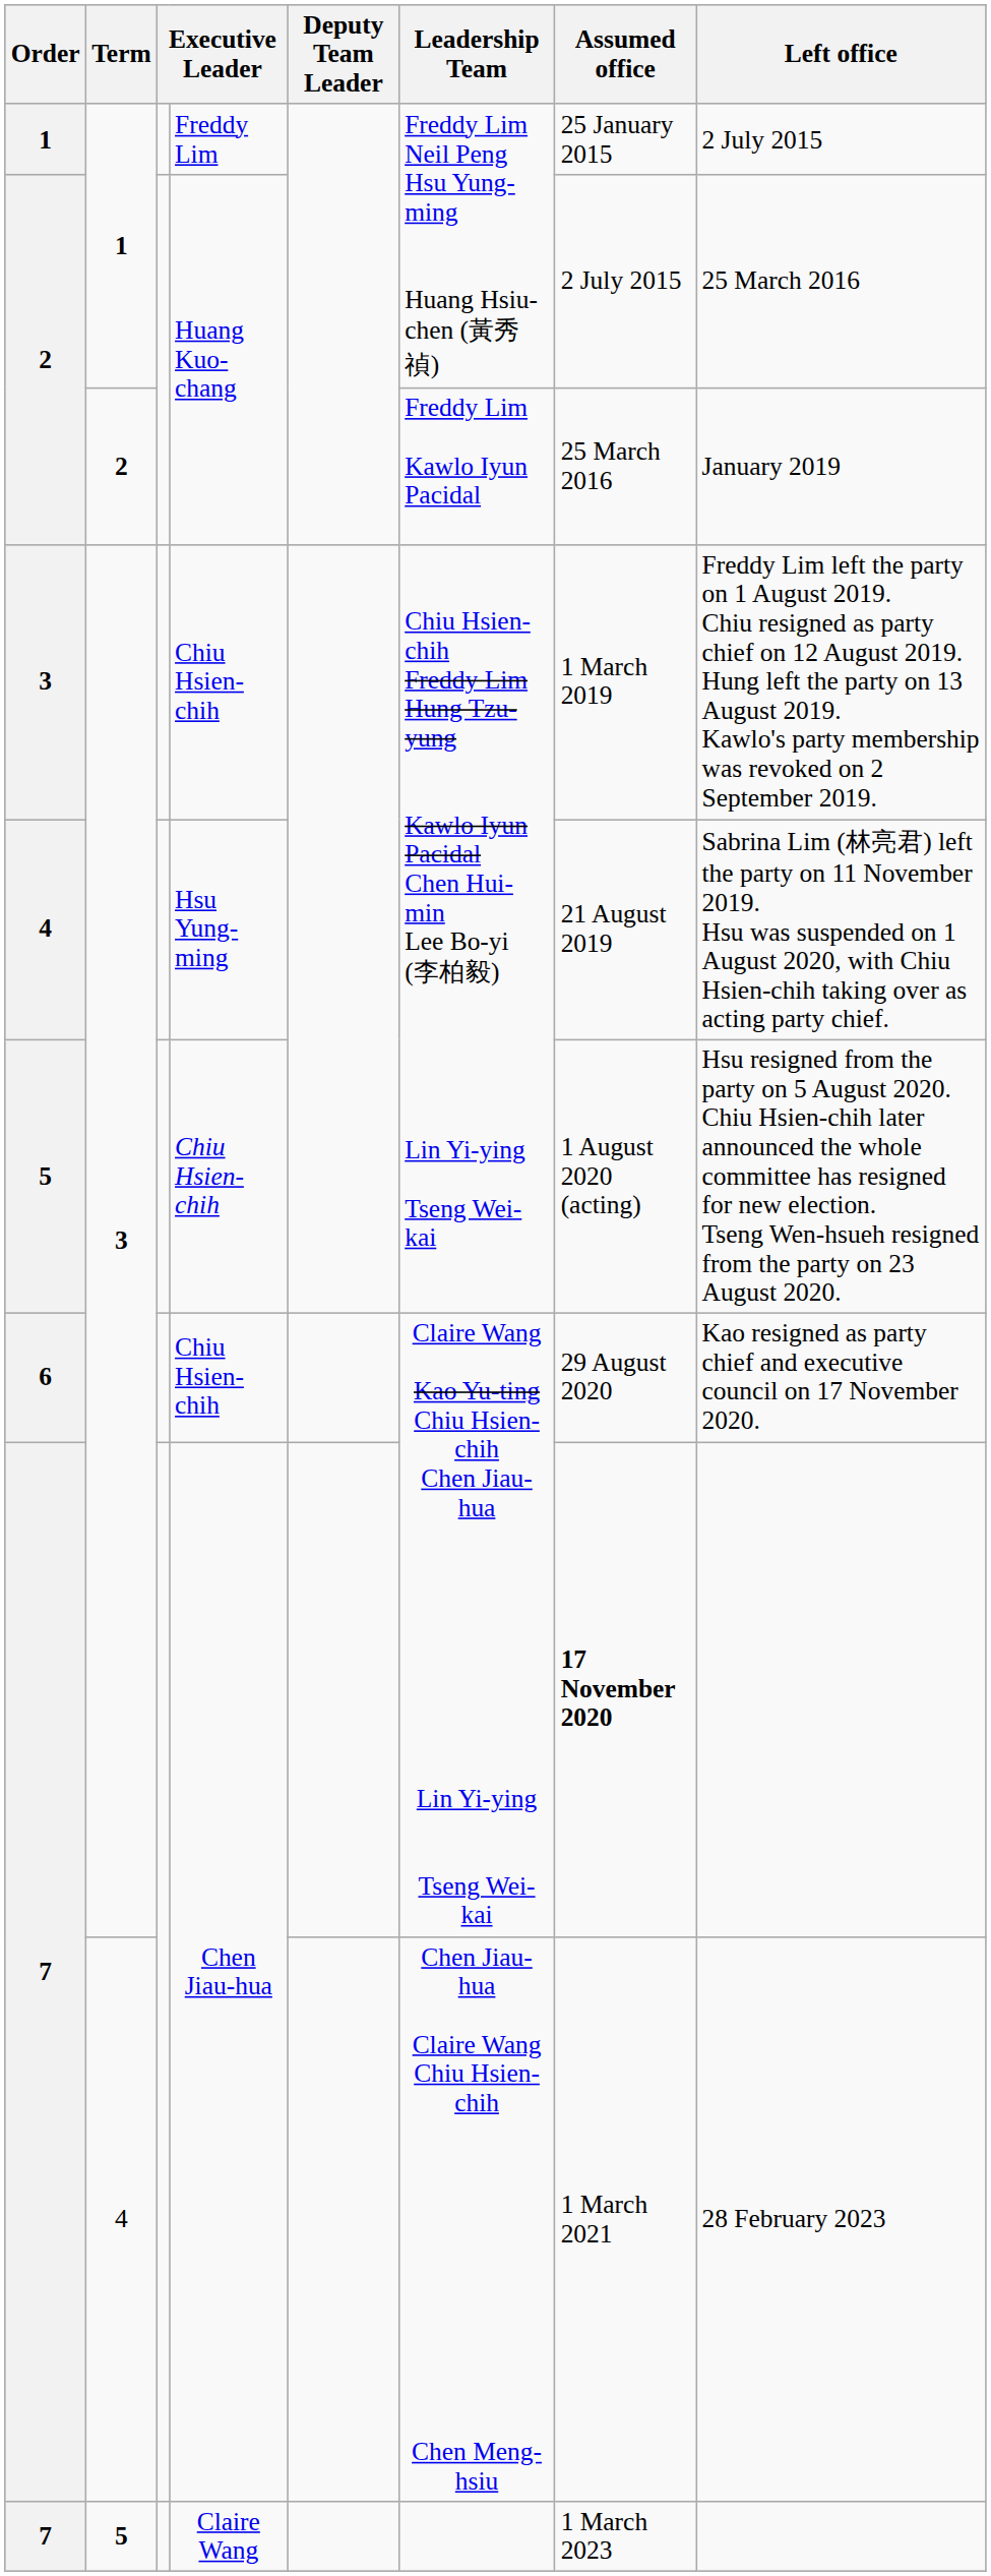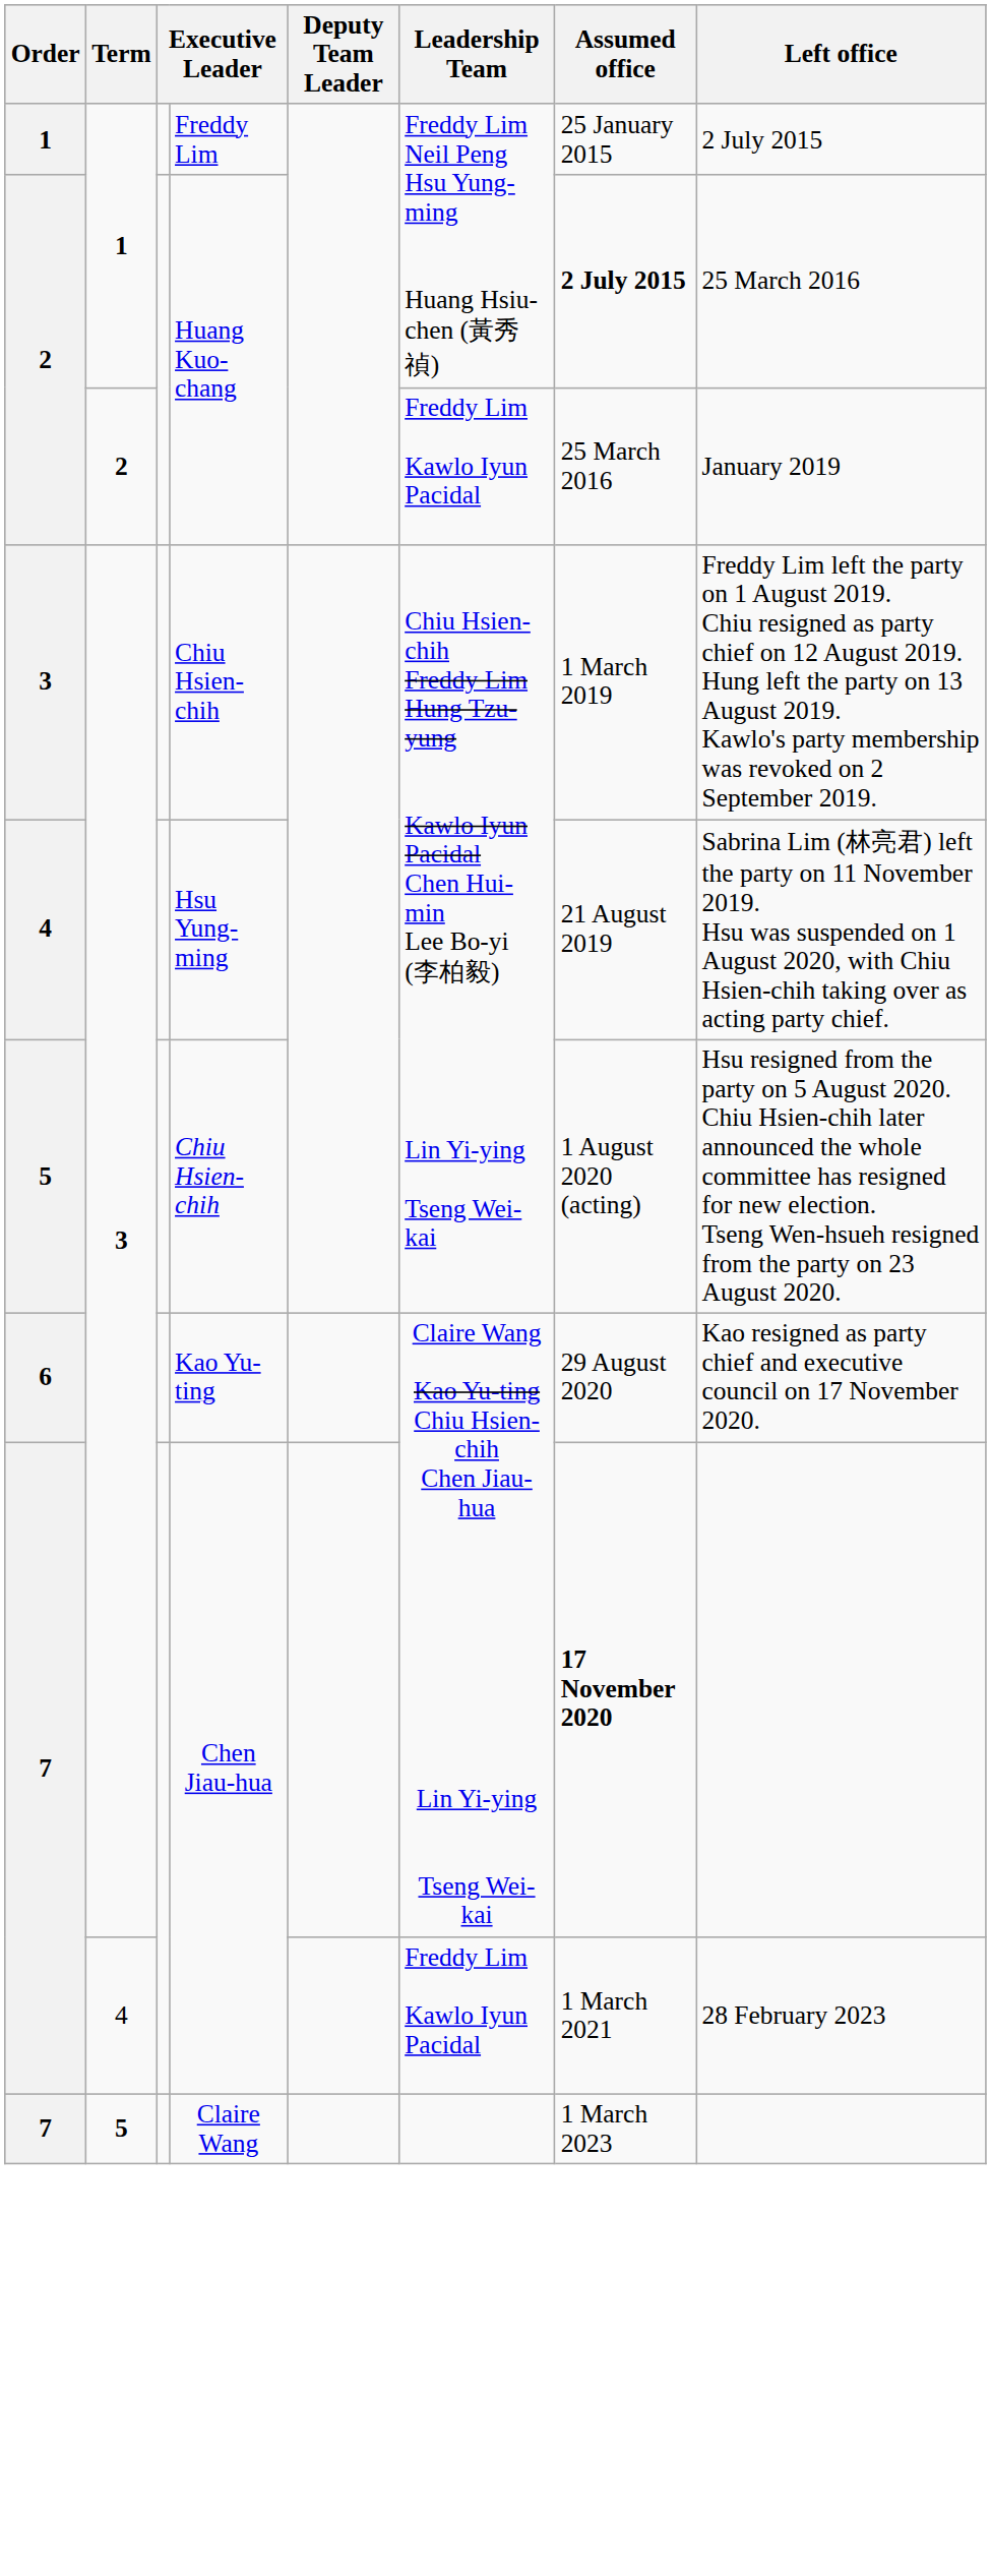 <table class=wikitable>
 <tr>
 <th>Order</th>
 <th>Term</th>
 <th colspan=2>Executive Leader</th>
 <th>Deputy Team Leader</th>
 <th>Leadership Team</th>
 <th>Assumed office</th>
 <th>Left office</th>
 </tr>
 <tr>
 <th>1</th>
 <td align="center" rowspan="2"><strong>1</strong></td>
 <td></td>
 <td><a href='#'>Freddy Lim</a></td>
 <td rowspan="3"></td>
 <td rowspan="2"><a href='#'>Freddy Lim</a><br><a href='#'>Neil Peng</a><br><a href='#'>Hsu Yung-ming</a><br><br><br>Huang Hsiu-chen (黃秀禎)</td>
 <td>25 January 2015</td>
 <td>2 July 2015</td>
 </tr>
 <tr>
 <th rowspan="2">2</th>
 <td rowspan="2"></td>
 <td rowspan="2"><a href='#'>Huang Kuo-chang</a></td>
-<td>2 July 2015</td>
+<td><strong>2 July 2015</strong></td>
 <td>25 March 2016</td>
 </tr>
 <tr>
 <td align="center"><strong>2</strong></td>
 <td><a href='#'>Freddy Lim</a><br><br><a href='#'>Kawlo Iyun Pacidal</a><br><br></td>
 <td>25 March 2016</td>
 <td>January 2019</td>
 </tr>
 <tr>
 <th>3</th>
 <td rowspan="5" align="center"><strong>3</strong></td>
 <td></td>
 <td><a href='#'>Chiu Hsien-chih</a></td>
 <td rowspan="3"></td>
 <td rowspan="3"><a href='#'>Chiu Hsien-chih</a><br><s><a href='#'>Freddy Lim</a></s><br><s><a href='#'>Hung Tzu-yung</a></s><br><br><br><s><a href='#'>Kawlo Iyun Pacidal</a></s><br><a href='#'>Chen Hui-min</a><br>Lee Bo-yi (李柏毅)<br><br> <br><br><br><br><a href='#'>Lin Yi-ying</a><br>  <s></s><br> <a href='#'>Tseng Wei-kai</a></td>
 <td>1 March 2019</td>
 <td>Freddy Lim left the party on 1 August 2019.<br>Chiu resigned as party chief on 12 August 2019.<br>Hung left the party on 13 August 2019.<br>Kawlo's party membership was revoked on 2 September 2019.</td>
 </tr>
 <tr>
 <th>4</th>
 <td></td>
 <td><a href='#'>Hsu Yung-ming</a></td>
 <td>21 August 2019</td>
 <td>Sabrina Lim (林亮君) left the party on 11 November 2019.<br>Hsu was suspended on 1 August 2020, with Chiu Hsien-chih taking over as acting party chief.</td>
 </tr>
 <tr>
 <th>5</th>
 <td></td>
 <td><em><a href='#'>Chiu Hsien-chih</a></em></td>
 <td>1 August 2020 (acting) </td>
 <td>Hsu resigned from the party  on 5 August 2020. Chiu Hsien-chih later announced the whole committee has resigned for new election.<br>Tseng Wen-hsueh resigned from the party  on 23 August 2020.</td>
 </tr>
 <tr>
 <th>6</th>
 <td></td>
-<td><a href='#'>Chiu Hsien-chih</a></td>
+<td><a href='#'>Kao Yu-ting</a></td>
 <td></td>
 <td align="center" rowspan="2"><a href='#'>Claire Wang</a><br><br><s><a href='#'>Kao Yu-ting</a></s><br> <a href='#'>Chiu Hsien-chih</a><br> <a href='#'>Chen Jiau-hua</a><br> <br> <br> <br> <br> <br> <br> <br> <br> <br> <a href='#'>Lin Yi-ying</a><br> <br> <s></s><br> <a href='#'>Tseng Wei-kai</a></td>
 <td>29 August 2020</td>
 <td>Kao resigned as party chief and executive council on 17 November 2020.</td>
 </tr>
 <tr>
 <th align="center" rowspan="2">7</th>
 <td align="center" rowspan="2"></td>
 <td align="center" rowspan="2"><a href='#'>Chen Jiau-hua</a></td>
 <td></td>
 <td><strong>17 November 2020</strong></td>
 <td></td>
 </tr>
 <tr>
 <td align="center">4</td>
 <td></td>
-<td align="center"><a href='#'>Chen Jiau-hua</a><br><br><a href='#'>Claire Wang</a><br> <a href='#'>Chiu Hsien-chih</a><br> <br> <br> <br> <br> <br> <br> <br> <br> <br> <br> <br> <a href='#'>Chen Meng-hsiu</a></td>
+<td><a href='#'>Freddy Lim</a><br><br><a href='#'>Kawlo Iyun Pacidal</a><br><br></td>
 <td>1 March 2021</td>
 <td>28 February 2023</td>
 </tr>
 <tr>
 <th align="center" rowspan="2">7</th>
 <td align="center" rowspan="2"><strong>5</strong></td>
 <td align="center" rowspan="2"></td>
 <td align="center" rowspan="2"><a href='#'>Claire Wang</a></td>
 <td></td>
 <td></td>
 <td>1 March 2023</td>
 <td></td>
 </tr>
 </table>
